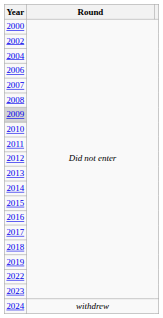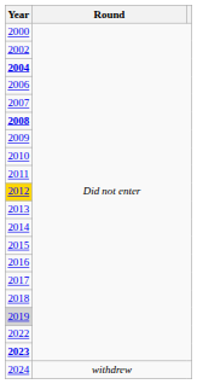 <table class="wikitable" style="text-align: center; font-size:90%">
 <tr>
 <th>Year</th>
 <th style="width:200px">Round</th>
 <th></th>
 </tr>
 <tr>
 <td><a href='#'>2000</a></td>
 <td colspan="2" rowspan="19"><em>Did not enter</em></td>
 </tr>
 <tr>
 <td><a href='#'>2002</a></td>
 </tr>
 <tr>
-<td><a href='#'>2004</a></td>
+<td><strong><a href='#'>2004</a></strong></td>
 </tr>
 <tr>
 <td><a href='#'>2006</a></td>
 </tr>
 <tr>
 <td><a href='#'>2007</a></td>
 </tr>
 <tr>
-<td><a href='#'>2008</a></td>
+<td><strong><a href='#'>2008</a></strong></td>
 </tr>
 <tr>
-<td style="background: lightgrey;"><a href='#'>2009</a></td>
+<td><a href='#'>2009</a></td>
 </tr>
 <tr>
 <td><a href='#'>2010</a></td>
 </tr>
 <tr>
 <td><a href='#'>2011</a></td>
 </tr>
 <tr>
-<td><a href='#'>2012</a></td>
+<td style="background: gold;"><a href='#'>2012</a></td>
 </tr>
 <tr>
 <td><a href='#'>2013</a></td>
 </tr>
 <tr>
 <td><a href='#'>2014</a></td>
 </tr>
 <tr>
 <td><a href='#'>2015</a></td>
 </tr>
 <tr>
 <td><a href='#'>2016</a></td>
 </tr>
 <tr>
 <td><a href='#'>2017</a></td>
 </tr>
 <tr>
 <td><a href='#'>2018</a></td>
 </tr>
 <tr>
-<td><a href='#'>2019</a></td>
+<td style="background: lightgrey;"><a href='#'>2019</a></td>
 </tr>
 <tr>
 <td><a href='#'>2022</a></td>
 </tr>
 <tr>
-<td><a href='#'>2023</a></td>
+<td><strong><a href='#'>2023</a></strong></td>
 </tr>
 <tr>
 <td><a href='#'>2024</a></td>
 <td colspan="2"><em>withdrew</em></td>
 </tr>
 </table>
